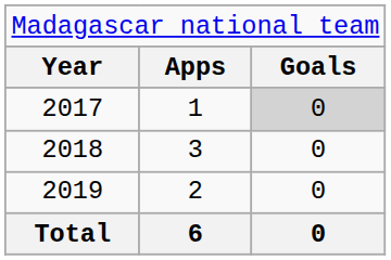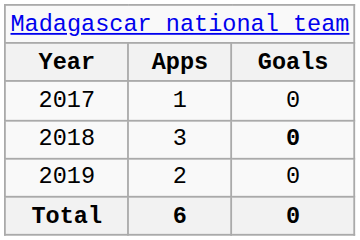 <table class="wikitable" style="text-align:center">
 <tr>
 <td colspan="3"><a href='#'>Madagascar national team</a></td>
 </tr>
 <tr>
 <th>Year</th>
 <th>Apps</th>
 <th>Goals</th>
 </tr>
 <tr>
 <td>2017</td>
 <td>1</td>
-<td style="background: lightgrey;">0</td>
+<td>0</td>
 </tr>
 <tr>
 <td>2018</td>
 <td>3</td>
-<td>0</td>
+<td><strong>0</strong></td>
 </tr>
 <tr>
 <td>2019</td>
 <td>2</td>
 <td>0</td>
 </tr>
 <tr>
 <th>Total</th>
 <th>6</th>
 <th>0</th>
 </tr>
 </table>
